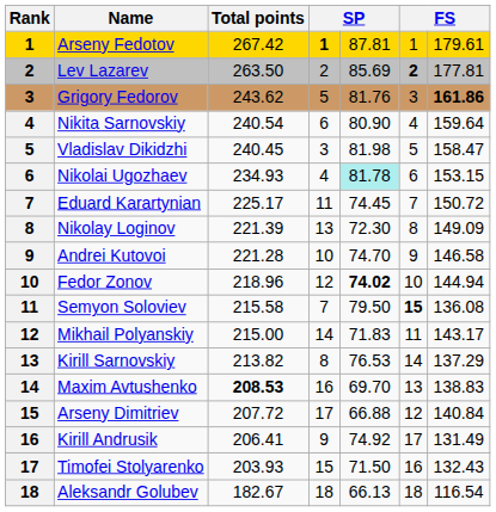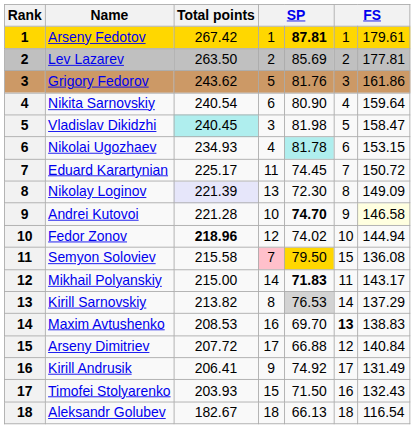 <table class="wikitable sortable">
 <tr>
 <th>Rank</th>
 <th>Name</th>
 <th>Total points</th>
 <th colspan="2" width="80px"><a href='#'>SP</a></th>
 <th colspan="2" width="80px"><a href='#'>FS</a></th>
 </tr>
 <tr bgcolor="gold">
 <td align="center"><strong>1</strong></td>
 <td><a href='#'>Arseny Fedotov</a></td>
 <td align="center">267.42</td>
-<td align="center"><strong>1</strong></td>
-<td align="center">87.81</td>
+<td align="center">1</td>
+<td align="center"><strong>87.81</strong></td>
 <td align="center">1</td>
 <td align="center">179.61</td>
 </tr>
 <tr bgcolor="silver">
 <td align="center"><strong>2</strong></td>
 <td><a href='#'>Lev Lazarev</a></td>
 <td align="center">263.50</td>
 <td align="center">2</td>
 <td align="center">85.69</td>
-<td align="center"><strong>2</strong></td>
+<td align="center">2</td>
 <td align="center">177.81</td>
 </tr>
 <tr bgcolor="cc9966">
 <td align="center"><strong>3</strong></td>
 <td><a href='#'>Grigory Fedorov</a></td>
 <td align="center">243.62</td>
 <td align="center">5</td>
 <td align="center">81.76</td>
 <td align="center">3</td>
-<td align="center"><strong>161.86</strong></td>
+<td align="center">161.86</td>
 </tr>
 <tr>
 <th>4</th>
 <td><a href='#'>Nikita Sarnovskiy</a></td>
 <td align="center">240.54</td>
 <td align="center">6</td>
 <td align="center">80.90</td>
 <td align="center">4</td>
 <td align="center">159.64</td>
 </tr>
 <tr>
 <th>5</th>
 <td><a href='#'>Vladislav Dikidzhi</a></td>
-<td align="center">240.45</td>
+<td align="center" style="background: paleturquoise;">240.45</td>
 <td align="center">3</td>
 <td align="center">81.98</td>
 <td align="center">5</td>
 <td align="center">158.47</td>
 </tr>
 <tr>
 <th>6</th>
 <td><a href='#'>Nikolai Ugozhaev</a></td>
 <td align="center">234.93</td>
 <td align="center">4</td>
 <td align="center" style="background: paleturquoise;">81.78</td>
 <td align="center">6</td>
 <td align="center">153.15</td>
 </tr>
 <tr>
 <th>7</th>
 <td><a href='#'>Eduard Karartynian</a></td>
 <td align="center">225.17</td>
 <td align="center">11</td>
 <td align="center">74.45</td>
 <td align="center">7</td>
 <td align="center">150.72</td>
 </tr>
 <tr>
 <th>8</th>
 <td><a href='#'>Nikolay Loginov</a></td>
-<td align="center">221.39</td>
+<td align="center" style="background: lavender;">221.39</td>
 <td align="center">13</td>
 <td align="center">72.30</td>
 <td align="center">8</td>
 <td align="center">149.09</td>
 </tr>
 <tr>
 <th>9</th>
 <td><a href='#'>Andrei Kutovoi</a></td>
 <td align="center">221.28</td>
 <td align="center">10</td>
-<td align="center">74.70</td>
+<td align="center"><strong>74.70</strong></td>
 <td align="center">9</td>
-<td align="center">146.58</td>
+<td align="center" style="background: lightyellow;">146.58</td>
 </tr>
 <tr>
 <th>10</th>
 <td><a href='#'>Fedor Zonov</a></td>
-<td align="center">218.96</td>
+<td align="center"><strong>218.96</strong></td>
 <td align="center">12</td>
-<td align="center"><strong>74.02</strong></td>
+<td align="center">74.02</td>
 <td align="center">10</td>
 <td align="center">144.94</td>
 </tr>
 <tr>
 <th>11</th>
 <td><a href='#'>Semyon Soloviev</a></td>
 <td align="center">215.58</td>
-<td align="center">7</td>
-<td align="center">79.50</td>
-<td align="center"><strong>15</strong></td>
+<td align="center" style="background: pink;">7</td>
+<td align="center" style="background: gold;">79.50</td>
+<td align="center">15</td>
 <td align="center">136.08</td>
 </tr>
 <tr>
 <th>12</th>
 <td><a href='#'>Mikhail Polyanskiy</a></td>
 <td align="center">215.00</td>
 <td align="center">14</td>
-<td align="center">71.83</td>
+<td align="center"><strong>71.83</strong></td>
 <td align="center">11</td>
 <td align="center">143.17</td>
 </tr>
 <tr>
 <th>13</th>
 <td><a href='#'>Kirill Sarnovskiy</a></td>
 <td align="center">213.82</td>
 <td align="center">8</td>
-<td align="center">76.53</td>
+<td align="center" style="background: lightgrey;">76.53</td>
 <td align="center">14</td>
 <td align="center">137.29</td>
 </tr>
 <tr>
 <th>14</th>
 <td><a href='#'>Maxim Avtushenko</a></td>
-<td align="center"><strong>208.53</strong></td>
+<td align="center">208.53</td>
 <td align="center">16</td>
 <td align="center">69.70</td>
-<td align="center">13</td>
+<td align="center"><strong>13</strong></td>
 <td align="center">138.83</td>
 </tr>
 <tr>
 <th>15</th>
 <td><a href='#'>Arseny Dimitriev</a></td>
 <td align="center">207.72</td>
 <td align="center">17</td>
 <td align="center">66.88</td>
 <td align="center">12</td>
 <td align="center">140.84</td>
 </tr>
 <tr>
 <th>16</th>
 <td><a href='#'>Kirill Andrusik</a></td>
 <td align="center">206.41</td>
 <td align="center">9</td>
 <td align="center">74.92</td>
 <td align="center">17</td>
 <td align="center">131.49</td>
 </tr>
 <tr>
 <th>17</th>
 <td><a href='#'>Timofei Stolyarenko</a></td>
 <td align="center">203.93</td>
 <td align="center">15</td>
 <td align="center">71.50</td>
 <td align="center">16</td>
 <td align="center">132.43</td>
 </tr>
 <tr>
 <th>18</th>
 <td><a href='#'>Aleksandr Golubev</a></td>
 <td align="center">182.67</td>
 <td align="center">18</td>
 <td align="center">66.13</td>
 <td align="center">18</td>
 <td align="center">116.54</td>
 </tr>
 </table>
